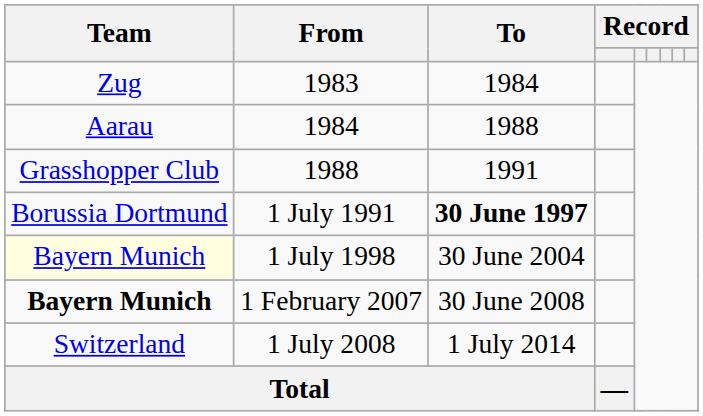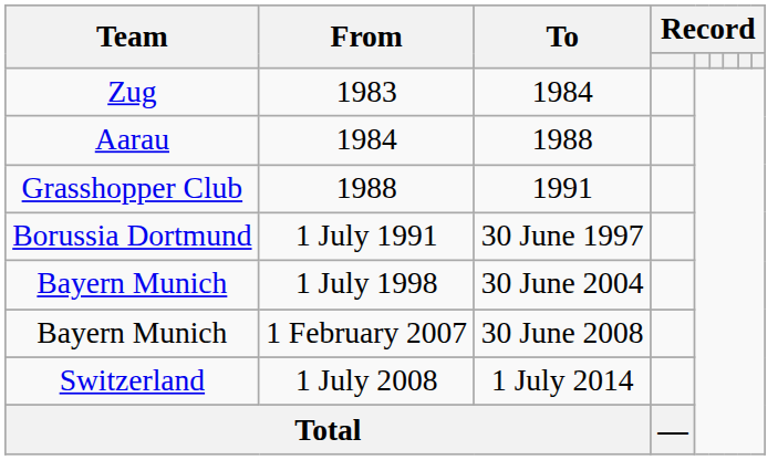 <table class="wikitable" style="text-align: center">
 <tr>
 <th rowspan="2">Team</th>
 <th rowspan="2">From</th>
 <th rowspan="2">To</th>
 <th colspan="6">Record</th>
 </tr>
 <tr>
 <th></th>
 <th></th>
 <th></th>
 <th></th>
 <th></th>
 <th></th>
 </tr>
 <tr>
 <td><a href='#'>Zug</a></td>
 <td>1983</td>
 <td>1984<br></td>
 <td></td>
 </tr>
 <tr>
 <td><a href='#'>Aarau</a></td>
 <td>1984</td>
 <td>1988<br></td>
 <td></td>
 </tr>
 <tr>
 <td><a href='#'>Grasshopper Club</a></td>
 <td>1988</td>
 <td>1991<br></td>
 <td></td>
 </tr>
 <tr>
 <td><a href='#'>Borussia Dortmund</a></td>
 <td>1 July 1991</td>
-<td><strong>30 June 1997<br></strong></td>
+<td>30 June 1997<br></td>
 <td></td>
 </tr>
 <tr>
-<td style="background: lightyellow;"><a href='#'>Bayern Munich</a></td>
+<td><a href='#'>Bayern Munich</a></td>
 <td>1 July 1998</td>
 <td>30 June 2004<br></td>
 <td></td>
 </tr>
 <tr>
-<td><strong>Bayern Munich</strong></td>
+<td>Bayern Munich</td>
 <td>1 February 2007</td>
 <td>30 June 2008<br></td>
 <td></td>
 </tr>
 <tr>
 <td><a href='#'>Switzerland</a></td>
 <td>1 July 2008</td>
 <td>1 July 2014<br></td>
 <td></td>
 </tr>
 <tr>
 <th colspan="3">Total<br></th>
 <th>—</th>
 </tr>
 </table>
